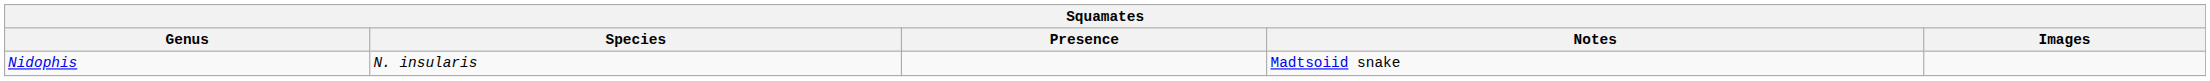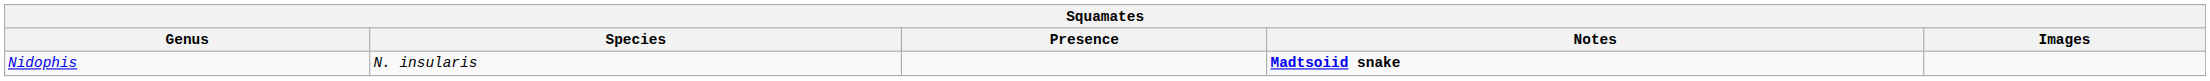 <table class="wikitable" align="center" width="100%">
 <tr>
 <th colspan="5" align="center"><strong>Squamates</strong></th>
 </tr>
 <tr>
 <th>Genus</th>
 <th>Species</th>
 <th>Presence</th>
 <th>Notes</th>
 <th>Images</th>
 </tr>
 <tr>
 <td><em><a href='#'>Nidophis</a></em></td>
 <td><em>N. insularis</em></td>
 <td></td>
-<td><a href='#'>Madtsoiid</a> snake</td>
+<td><strong><a href='#'>Madtsoiid</a> snake</strong></td>
 <td></td>
 </tr>
 </table>
